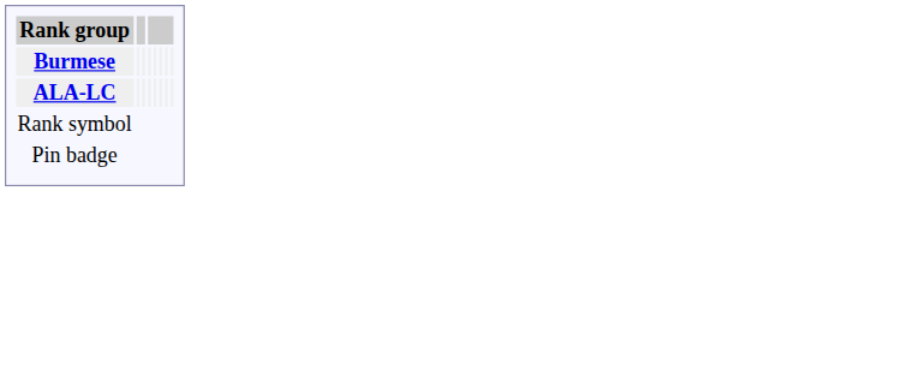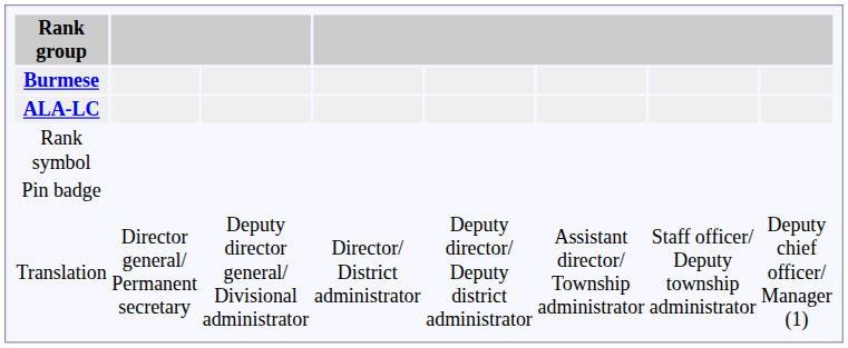 <table style="border:1px solid #8888aa; background-color:#f7f8ff; padding:5px; font-size:95%; margin: 0px 12px 12px 0px;">
 <tr style="text-align:center; background:#cccccc;">
 <th>Rank group</th>
 <th colspan=2></th>
 <th colspan=5></th>
 </tr>
 <tr style="text-align:center; background:#efefef;">
 <th><a href='#'>Burmese</a></th>
 <td></td>
 <td></td>
 <td></td>
 <td></td>
 <td></td>
 <td></td>
 <td></td>
 </tr>
 <tr style="text-align:center; background:#efefef;">
 <th><a href='#'>ALA-LC</a></th>
 <td></td>
 <td></td>
 <td></td>
 <td></td>
 <td></td>
 <td></td>
 <td></td>
 </tr>
 <tr style="text-align:center;">
 <td>Rank symbol</td>
 <td></td>
 <td></td>
 <td></td>
 <td></td>
 <td></td>
 <td></td>
 <td></td>
 </tr>
 <tr style="text-align:center;">
 <td>Pin badge</td>
 <td></td>
 <td></td>
 <td></td>
 <td></td>
 <td></td>
 <td></td>
 <td></td>
 </tr>
 <tr style="text-align:center;">
 <td colspan=8></td>
 </tr>
+<tr style="text-align:center;">
+<td>Translation</td>
+<td>Director general/<br>Permanent secretary</td>
+<td>Deputy director general/<br>Divisional administrator</td>
+<td>Director/<br>District administrator</td>
+<td>Deputy director/<br>Deputy district administrator</td>
+<td>Assistant director/<br>Township administrator</td>
+<td>Staff officer/<br>Deputy township administrator</td>
+<td>Deputy chief officer/<br>Manager (1)</td>
+</tr>
 </table>
